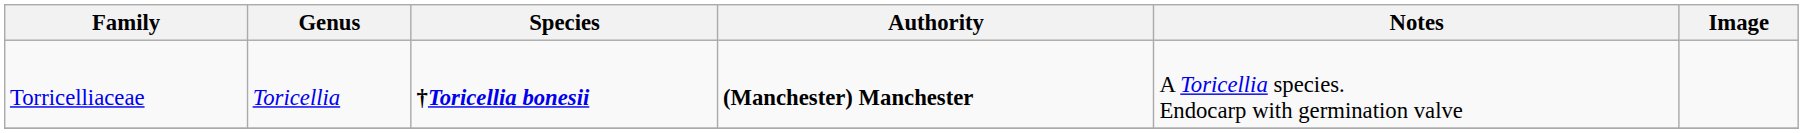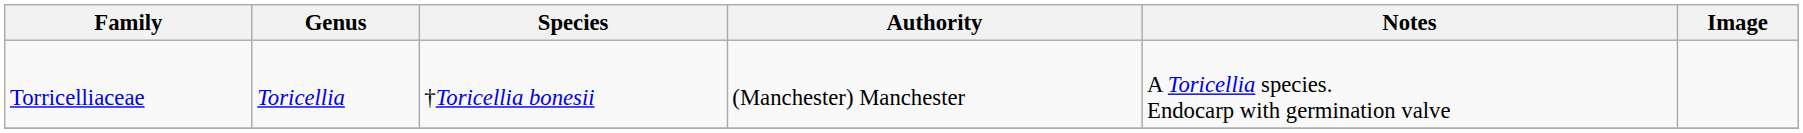 <table class="wikitable" align="center" width="100%">
 <tr>
 <th>Family</th>
 <th>Genus</th>
 <th>Species</th>
 <th>Authority</th>
 <th>Notes</th>
 <th>Image</th>
 </tr>
 <tr>
 <td><br><a href='#'>Torricelliaceae</a></td>
 <td><br><em><a href='#'>Toricellia</a></em></td>
-<td><strong><br>†<em><a href='#'>Toricellia bonesii</a></em></strong></td>
-<td><strong><br>(Manchester) Manchester</strong></td>
+<td><br>†<em><a href='#'>Toricellia bonesii</a></em></td>
+<td><br>(Manchester) Manchester</td>
 <td><br>A <em><a href='#'>Toricellia</a></em> species.<br>Endocarp with germination valve</td>
 <td></td>
 </tr>
 <tr>
 </tr>
 </table>
